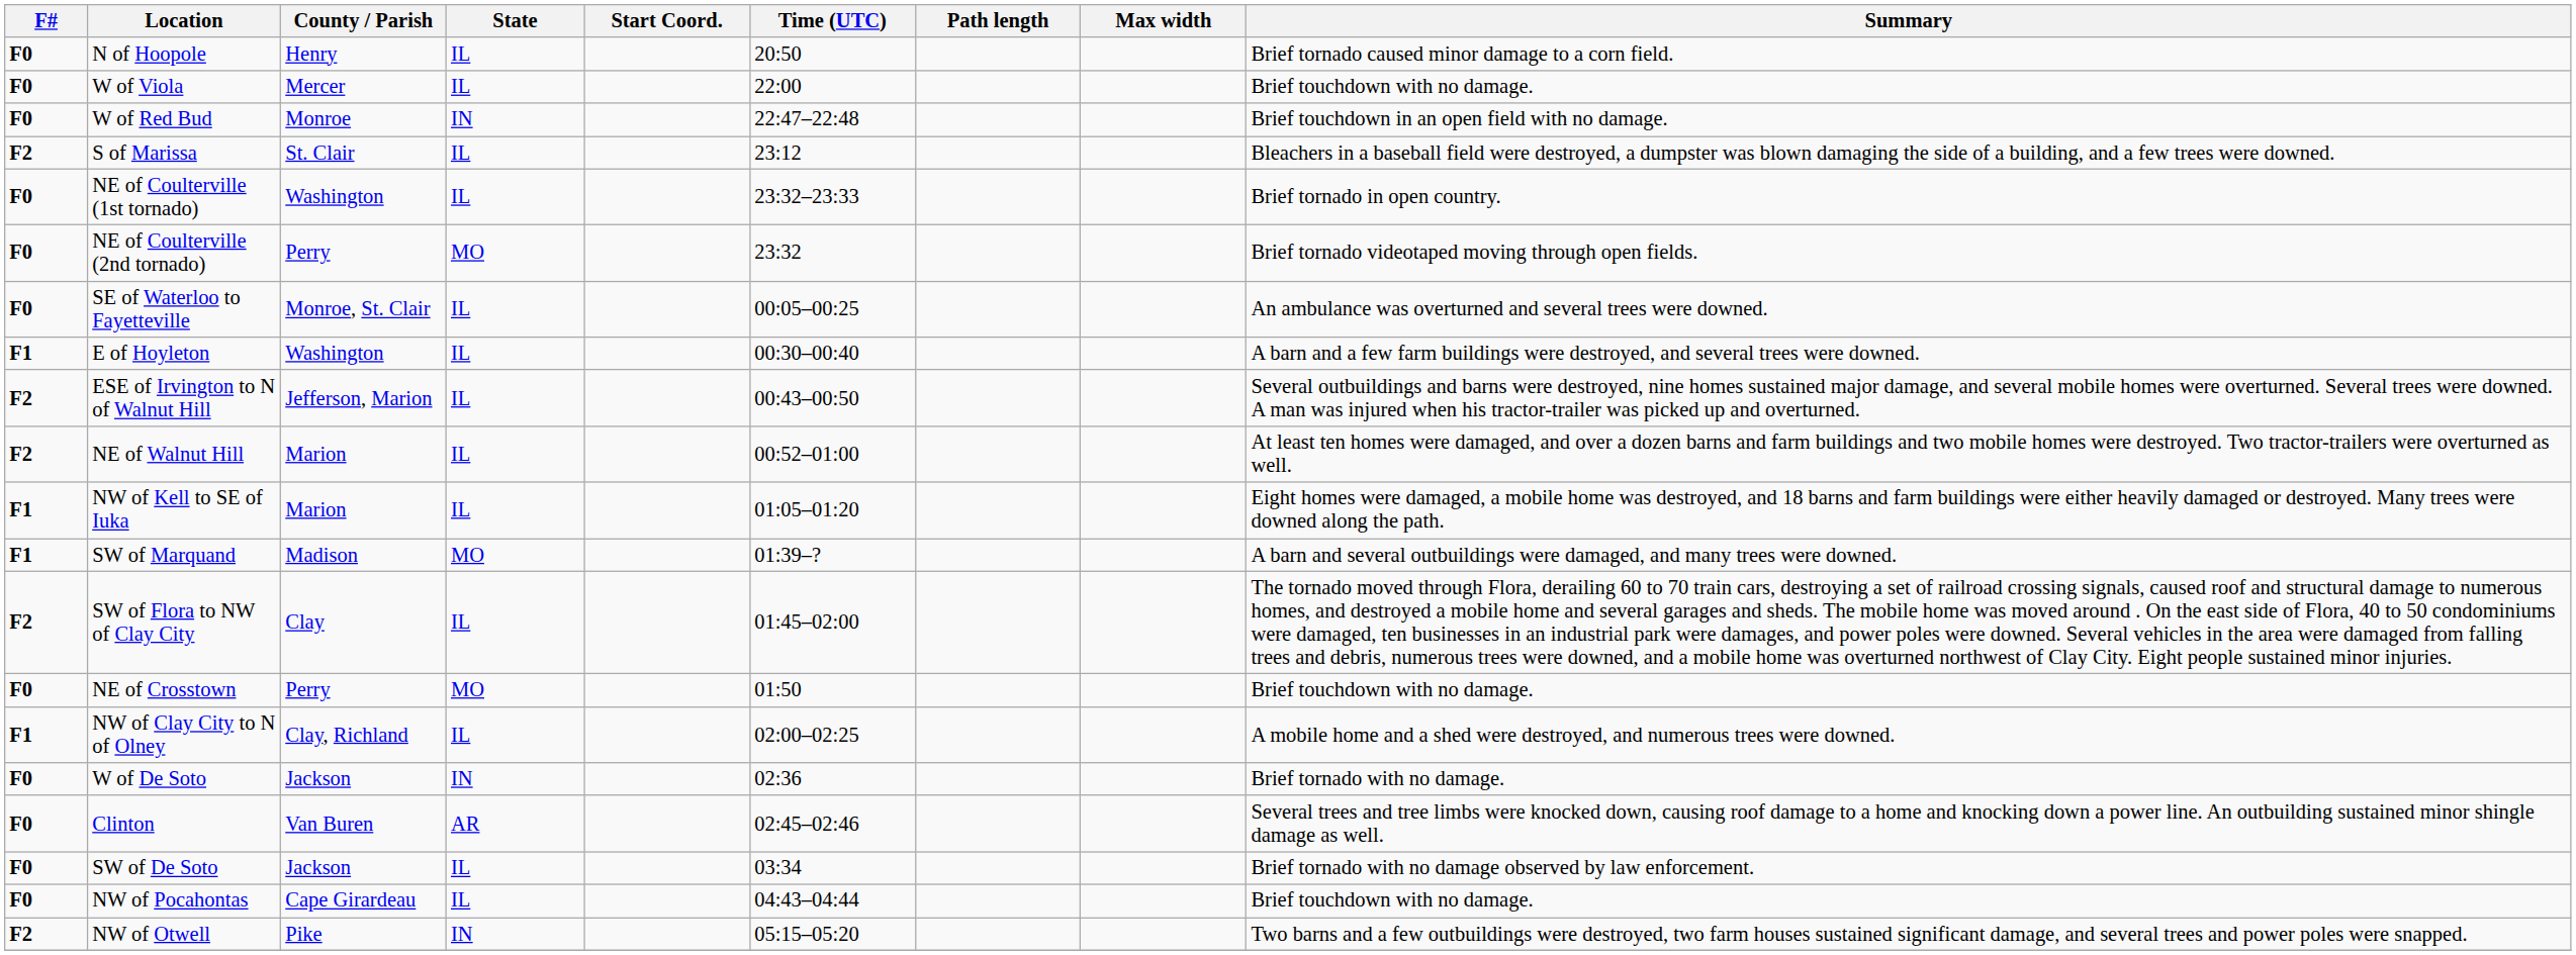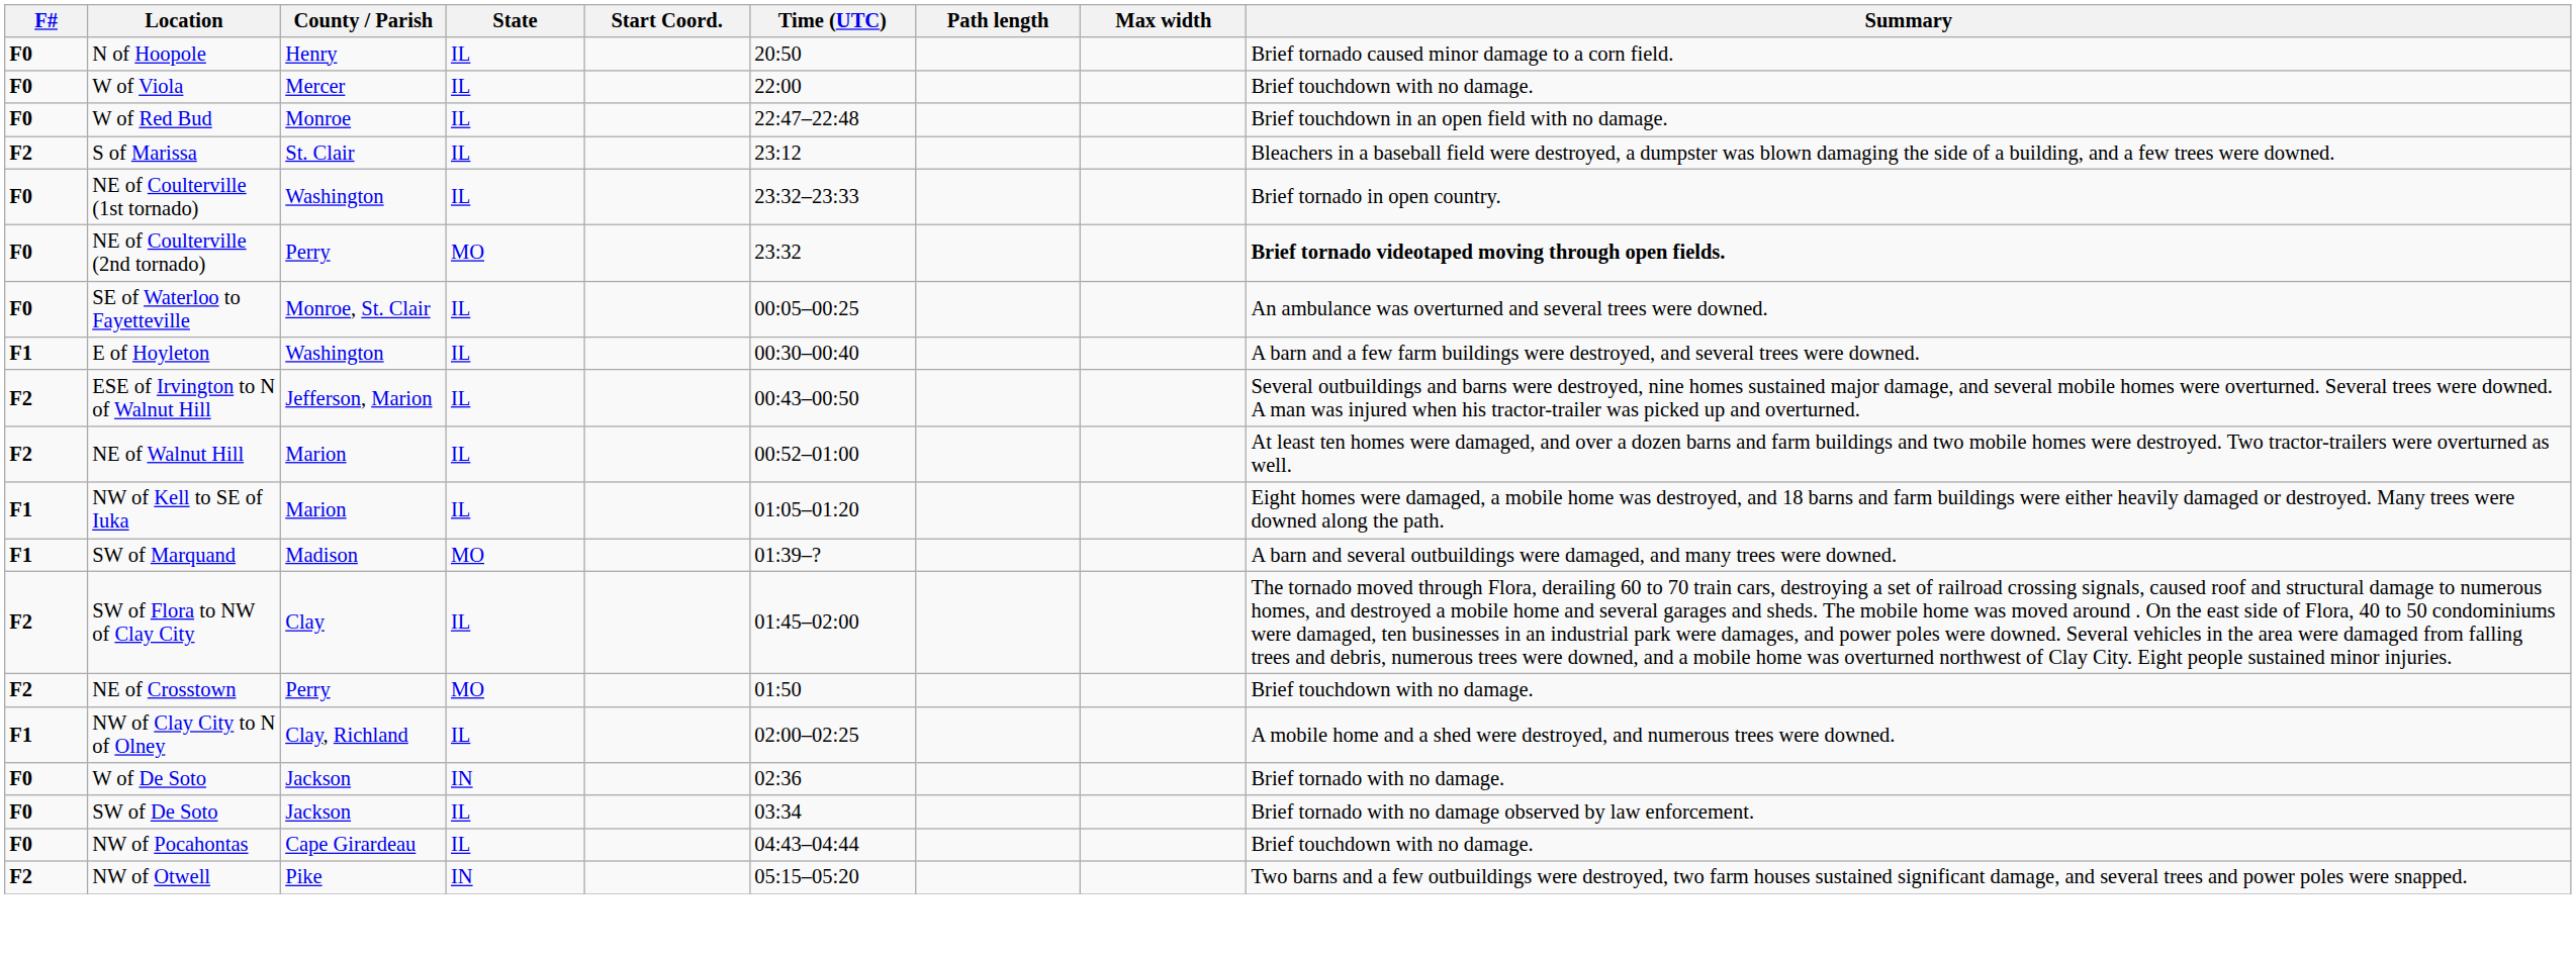 <table class="wikitable sortable" style="width:100%;">
 <tr>
 <th scope="col"  style="width:3%; text-align:center;"><a href='#'>F#</a></th>
 <th scope="col"  style="width:7%; text-align:center;" class="unsortable">Location</th>
 <th scope="col"  style="width:6%; text-align:center;" class="unsortable">County / Parish</th>
 <th scope="col"  style="width:5%; text-align:center;">State</th>
 <th scope="col"  style="width:6%; text-align:center;">Start Coord.</th>
 <th scope="col"  style="width:6%; text-align:center;">Time (<a href='#'>UTC</a>)</th>
 <th scope="col"  style="width:6%; text-align:center;">Path length</th>
 <th scope="col"  style="width:6%; text-align:center;">Max width</th>
 <th scope="col" class="unsortable" style="width:48%; text-align:center;">Summary</th>
 </tr>
 <tr>
 <td><strong>F0</strong></td>
 <td>N of <a href='#'>Hoopole</a></td>
 <td><a href='#'>Henry</a></td>
 <td><a href='#'>IL</a></td>
 <td></td>
 <td>20:50</td>
 <td></td>
 <td></td>
 <td>Brief tornado caused minor damage to a corn field.</td>
 </tr>
 <tr>
 <td><strong>F0</strong></td>
 <td>W of <a href='#'>Viola</a></td>
 <td><a href='#'>Mercer</a></td>
 <td><a href='#'>IL</a></td>
 <td></td>
 <td>22:00</td>
 <td></td>
 <td></td>
 <td>Brief touchdown with no damage.</td>
 </tr>
 <tr>
 <td><strong>F0</strong></td>
 <td>W of <a href='#'>Red Bud</a></td>
 <td><a href='#'>Monroe</a></td>
-<td><a href='#'>IN</a></td>
+<td><a href='#'>IL</a></td>
 <td></td>
 <td>22:47–22:48</td>
 <td></td>
 <td></td>
 <td>Brief touchdown in an open field with no damage.</td>
 </tr>
 <tr>
 <td><strong>F2</strong></td>
 <td>S of <a href='#'>Marissa</a></td>
 <td><a href='#'>St. Clair</a></td>
 <td><a href='#'>IL</a></td>
 <td></td>
 <td>23:12</td>
 <td></td>
 <td></td>
 <td>Bleachers in a baseball field were destroyed, a dumpster was blown damaging the side of a building, and a few trees were downed.</td>
 </tr>
 <tr>
 <td><strong>F0</strong></td>
 <td>NE of <a href='#'>Coulterville</a> (1st tornado)</td>
 <td><a href='#'>Washington</a></td>
 <td><a href='#'>IL</a></td>
 <td></td>
 <td>23:32–23:33</td>
 <td></td>
 <td></td>
 <td>Brief tornado in open country.</td>
 </tr>
 <tr>
 <td><strong>F0</strong></td>
 <td>NE of <a href='#'>Coulterville</a> (2nd tornado)</td>
 <td><a href='#'>Perry</a></td>
 <td><a href='#'>MO</a></td>
 <td></td>
 <td>23:32</td>
 <td></td>
 <td></td>
-<td>Brief tornado videotaped moving through open fields.</td>
+<td><strong>Brief tornado videotaped moving through open fields.</strong></td>
 </tr>
 <tr>
 <td><strong>F0</strong></td>
 <td>SE of <a href='#'>Waterloo</a> to <a href='#'>Fayetteville</a></td>
 <td><a href='#'>Monroe</a>, <a href='#'>St. Clair</a></td>
 <td><a href='#'>IL</a></td>
 <td></td>
 <td>00:05–00:25</td>
 <td></td>
 <td></td>
 <td>An ambulance was overturned and several trees were downed.</td>
 </tr>
 <tr>
 <td><strong>F1</strong></td>
 <td>E of <a href='#'>Hoyleton</a></td>
 <td><a href='#'>Washington</a></td>
 <td><a href='#'>IL</a></td>
 <td></td>
 <td>00:30–00:40</td>
 <td></td>
 <td></td>
 <td>A barn and a few farm buildings were destroyed, and several trees were downed.</td>
 </tr>
 <tr>
 <td><strong>F2</strong></td>
 <td>ESE of <a href='#'>Irvington</a> to N of <a href='#'>Walnut Hill</a></td>
 <td><a href='#'>Jefferson</a>, <a href='#'>Marion</a></td>
 <td><a href='#'>IL</a></td>
 <td></td>
 <td>00:43–00:50</td>
 <td></td>
 <td></td>
 <td>Several outbuildings and barns were destroyed, nine homes sustained major damage, and several mobile homes were overturned. Several trees were downed. A man was injured when his tractor-trailer was picked up and overturned.</td>
 </tr>
 <tr>
 <td><strong>F2</strong></td>
 <td>NE of <a href='#'>Walnut Hill</a></td>
 <td><a href='#'>Marion</a></td>
 <td><a href='#'>IL</a></td>
 <td></td>
 <td>00:52–01:00</td>
 <td></td>
 <td></td>
 <td>At least ten homes were damaged, and over a dozen barns and farm buildings and two mobile homes were destroyed. Two tractor-trailers were overturned as well.</td>
 </tr>
 <tr>
 <td><strong>F1</strong></td>
 <td>NW of <a href='#'>Kell</a> to SE of <a href='#'>Iuka</a></td>
 <td><a href='#'>Marion</a></td>
 <td><a href='#'>IL</a></td>
 <td></td>
 <td>01:05–01:20</td>
 <td></td>
 <td></td>
 <td>Eight homes were damaged, a mobile home was destroyed, and 18 barns and farm buildings were either heavily damaged or destroyed. Many trees were downed along the path.</td>
 </tr>
 <tr>
 <td><strong>F1</strong></td>
 <td>SW of <a href='#'>Marquand</a></td>
 <td><a href='#'>Madison</a></td>
 <td><a href='#'>MO</a></td>
 <td></td>
 <td>01:39–?</td>
 <td></td>
 <td></td>
 <td>A barn and several outbuildings were damaged, and many trees were downed.</td>
 </tr>
 <tr>
 <td><strong>F2</strong></td>
 <td>SW of <a href='#'>Flora</a> to NW of <a href='#'>Clay City</a></td>
 <td><a href='#'>Clay</a></td>
 <td><a href='#'>IL</a></td>
 <td></td>
 <td>01:45–02:00</td>
 <td></td>
 <td></td>
 <td>The tornado moved through Flora, derailing 60 to 70 train cars, destroying a set of railroad crossing signals, caused roof and structural damage to numerous homes, and destroyed a mobile home and several garages and sheds. The mobile home was moved around . On the east side of Flora, 40 to 50 condominiums were damaged, ten businesses in an industrial park were damages, and power poles were downed. Several vehicles in the area were damaged from falling trees and debris, numerous trees were downed, and a mobile home was overturned northwest of Clay City. Eight people sustained minor injuries.</td>
 </tr>
 <tr>
-<td><strong>F0</strong></td>
+<td><strong>F2</strong></td>
 <td>NE of <a href='#'>Crosstown</a></td>
 <td><a href='#'>Perry</a></td>
 <td><a href='#'>MO</a></td>
 <td></td>
 <td>01:50</td>
 <td></td>
 <td></td>
 <td>Brief touchdown with no damage.</td>
 </tr>
 <tr>
 <td><strong>F1</strong></td>
 <td>NW of <a href='#'>Clay City</a> to N of <a href='#'>Olney</a></td>
 <td><a href='#'>Clay</a>, <a href='#'>Richland</a></td>
 <td><a href='#'>IL</a></td>
 <td></td>
 <td>02:00–02:25</td>
 <td></td>
 <td></td>
 <td>A mobile home and a shed were destroyed, and numerous trees were downed.</td>
 </tr>
 <tr>
 <td><strong>F0</strong></td>
 <td>W of <a href='#'>De Soto</a></td>
 <td><a href='#'>Jackson</a></td>
 <td><a href='#'>IN</a></td>
 <td></td>
 <td>02:36</td>
 <td></td>
 <td></td>
 <td>Brief tornado with no damage.</td>
-</tr>
-<tr>
-<td><strong>F0</strong></td>
-<td><a href='#'>Clinton</a></td>
-<td><a href='#'>Van Buren</a></td>
-<td><a href='#'>AR</a></td>
-<td></td>
-<td>02:45–02:46</td>
-<td></td>
-<td></td>
-<td>Several trees and tree limbs were knocked down, causing roof damage to a home and knocking down a power line. An outbuilding sustained minor shingle damage as well.</td>
 </tr>
 <tr>
 <td><strong>F0</strong></td>
 <td>SW of <a href='#'>De Soto</a></td>
 <td><a href='#'>Jackson</a></td>
 <td><a href='#'>IL</a></td>
 <td></td>
 <td>03:34</td>
 <td></td>
 <td></td>
 <td>Brief tornado with no damage observed by law enforcement.</td>
 </tr>
 <tr>
 <td><strong>F0</strong></td>
 <td>NW of <a href='#'>Pocahontas</a></td>
 <td><a href='#'>Cape Girardeau</a></td>
 <td><a href='#'>IL</a></td>
 <td></td>
 <td>04:43–04:44</td>
 <td></td>
 <td></td>
 <td>Brief touchdown with no damage.</td>
 </tr>
 <tr>
 <td><strong>F2</strong></td>
 <td>NW of <a href='#'>Otwell</a></td>
 <td><a href='#'>Pike</a></td>
 <td><a href='#'>IN</a></td>
 <td></td>
 <td>05:15–05:20</td>
 <td></td>
 <td></td>
 <td>Two barns and a few outbuildings were destroyed, two farm houses sustained significant damage, and several trees and power poles were snapped.</td>
 </tr>
 <tr>
 </tr>
 </table>
